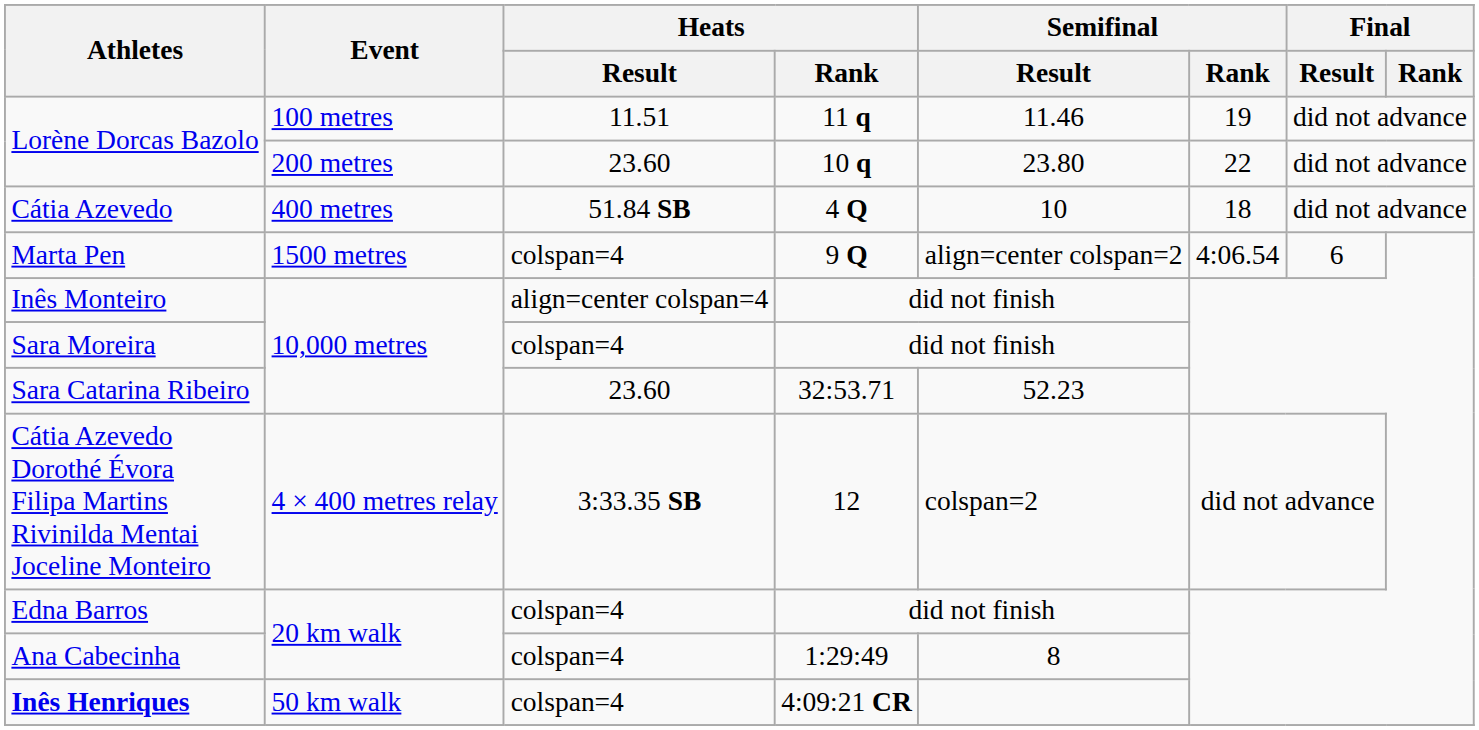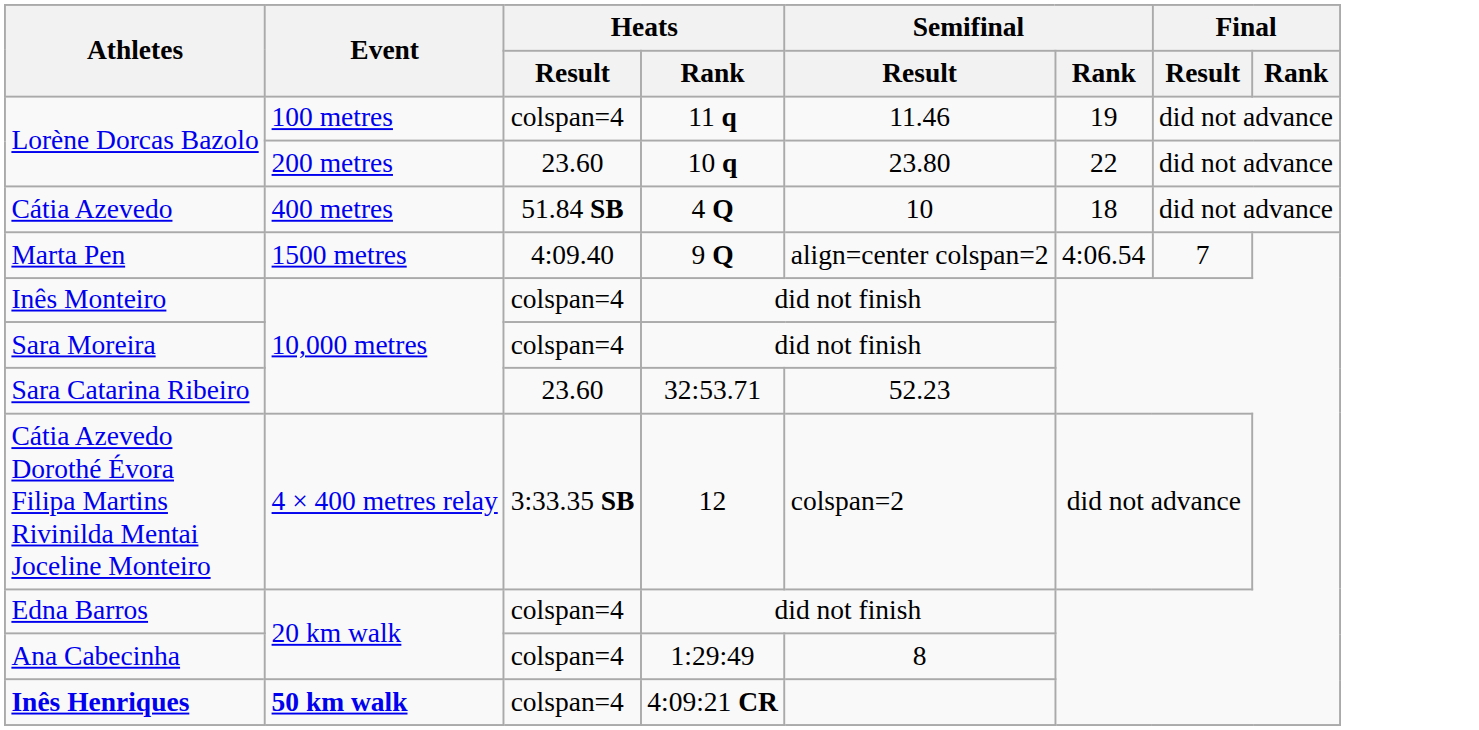 <table class="wikitable" border="1" style="font-size:90%">
 <tr>
 <th rowspan="2">Athletes</th>
 <th rowspan="2">Event</th>
 <th colspan="2">Heats</th>
 <th colspan="2">Semifinal</th>
 <th colspan="2">Final</th>
 </tr>
 <tr>
 <th>Result</th>
 <th>Rank</th>
 <th>Result</th>
 <th>Rank</th>
 <th>Result</th>
 <th>Rank</th>
 </tr>
 <tr>
 <td rowspan=2><a href='#'>Lorène Dorcas Bazolo</a></td>
 <td><a href='#'>100 metres</a></td>
-<td align=center>11.51</td>
+<td>colspan=4</td>
 <td align=center>11 <strong>q</strong></td>
 <td align=center>11.46</td>
 <td align=center>19</td>
 <td align=center colspan=2>did not advance</td>
 </tr>
 <tr>
 <td><a href='#'>200 metres</a></td>
 <td align=center>23.60</td>
 <td align=center>10 <strong>q</strong></td>
 <td align=center>23.80</td>
 <td align=center>22</td>
 <td align=center colspan=2>did not advance</td>
 </tr>
 <tr>
 <td><a href='#'>Cátia Azevedo</a></td>
 <td><a href='#'>400 metres</a></td>
 <td align=center>51.84 <strong>SB</strong></td>
 <td align=center>4 <strong>Q</strong></td>
 <td align=center>10</td>
 <td align=center>18</td>
 <td align=center colspan=2>did not advance</td>
 </tr>
 <tr>
 <td><a href='#'>Marta Pen</a></td>
 <td><a href='#'>1500 metres</a></td>
-<td>colspan=4</td>
+<td align=center>4:09.40</td>
 <td align=center>9 <strong>Q</strong></td>
 <td>align=center colspan=2</td>
 <td align=center>4:06.54</td>
-<td align=center>6</td>
+<td align=center>7</td>
 </tr>
 <tr>
 <td><a href='#'>Inês Monteiro</a></td>
 <td rowspan=3><a href='#'>10,000 metres</a></td>
-<td>align=center colspan=4</td>
+<td>colspan=4</td>
 <td align=center colspan=2>did not finish</td>
 </tr>
 <tr>
 <td><a href='#'>Sara Moreira</a></td>
 <td>colspan=4</td>
 <td align=center colspan=2>did not finish</td>
 </tr>
 <tr>
 <td><a href='#'>Sara Catarina Ribeiro</a></td>
 <td align=center>23.60</td>
 <td align=center>32:53.71</td>
 <td align=center>52.23</td>
 </tr>
 <tr>
 <td><a href='#'>Cátia Azevedo</a><br><a href='#'>Dorothé Évora</a><br><a href='#'>Filipa Martins</a><br><a href='#'>Rivinilda Mentai</a><br><a href='#'>Joceline Monteiro</a></td>
 <td><a href='#'>4 × 400 metres relay</a></td>
 <td align=center>3:33.35 <strong>SB</strong></td>
 <td align=center>12</td>
 <td>colspan=2</td>
 <td align=center colspan=2>did not advance</td>
 </tr>
 <tr>
 <td><a href='#'>Edna Barros</a></td>
 <td rowspan=2><a href='#'>20 km walk</a></td>
 <td>colspan=4</td>
 <td align=center colspan=2>did not finish</td>
 </tr>
 <tr>
 <td><a href='#'>Ana Cabecinha</a></td>
 <td>colspan=4</td>
 <td align=center>1:29:49</td>
 <td align=center>8</td>
 </tr>
 <tr>
 <td><strong><a href='#'>Inês Henriques</a></strong></td>
-<td><a href='#'>50 km walk</a></td>
+<td><strong><a href='#'>50 km walk</a></strong></td>
 <td>colspan=4</td>
 <td align=center>4:09:21 <strong>CR</strong></td>
 <td align=center></td>
 </tr>
 </table>
